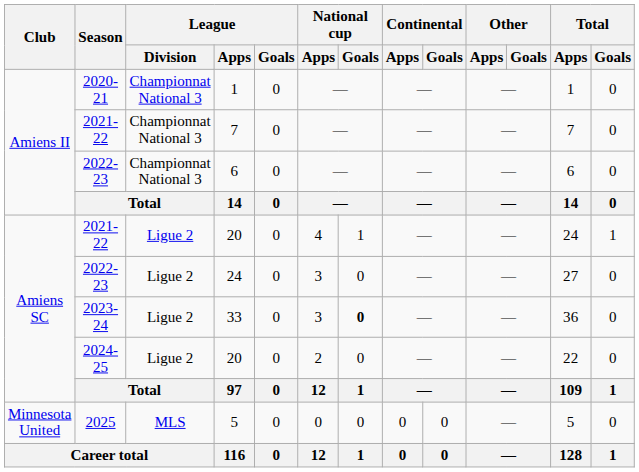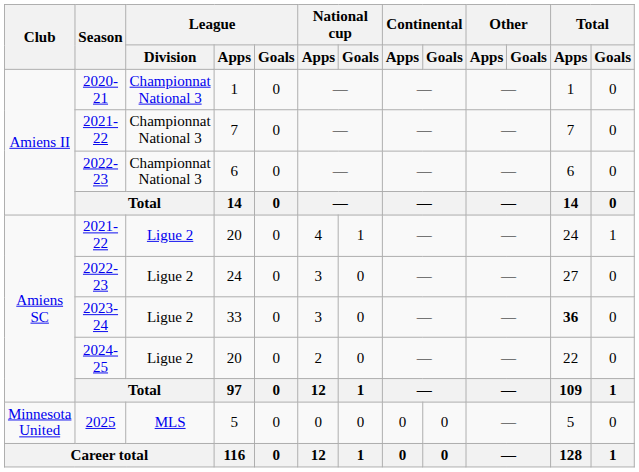 <table class="wikitable" style="text-align: center">
 <tr>
 <th rowspan="2">Club</th>
 <th rowspan="2">Season</th>
 <th colspan="3">League</th>
 <th colspan="2">National cup</th>
 <th colspan="2">Continental</th>
 <th colspan="2">Other</th>
 <th colspan="2">Total</th>
 </tr>
 <tr>
 <th>Division</th>
 <th>Apps</th>
 <th>Goals</th>
 <th>Apps</th>
 <th>Goals</th>
 <th>Apps</th>
 <th>Goals</th>
 <th>Apps</th>
 <th>Goals</th>
 <th>Apps</th>
 <th>Goals</th>
 </tr>
 <tr>
 <td rowspan="4"><a href='#'>Amiens II</a></td>
 <td><a href='#'>2020-21</a></td>
 <td><a href='#'>Championnat National 3</a></td>
 <td>1</td>
 <td>0</td>
 <td colspan="2">—</td>
 <td colspan="2">—</td>
 <td colspan="2">—</td>
 <td>1</td>
 <td>0</td>
 </tr>
 <tr>
 <td><a href='#'>2021-22</a></td>
 <td>Championnat National 3</td>
 <td>7</td>
 <td>0</td>
 <td colspan="2">—</td>
 <td colspan="2">—</td>
 <td colspan="2">—</td>
 <td>7</td>
 <td>0</td>
 </tr>
 <tr>
 <td><a href='#'>2022-23</a></td>
 <td>Championnat National 3</td>
 <td>6</td>
 <td>0</td>
 <td colspan="2">—</td>
 <td colspan="2">—</td>
 <td colspan="2">—</td>
 <td>6</td>
 <td>0</td>
 </tr>
 <tr>
 <th colspan="2">Total</th>
 <th>14</th>
 <th>0</th>
 <th colspan="2">—</th>
 <th colspan="2">—</th>
 <th colspan="2">—</th>
 <th>14</th>
 <th>0</th>
 </tr>
 <tr>
 <td rowspan="5"><a href='#'>Amiens SC</a></td>
 <td><a href='#'>2021-22</a></td>
 <td><a href='#'>Ligue 2</a></td>
 <td>20</td>
 <td>0</td>
 <td>4</td>
 <td>1</td>
 <td colspan="2">—</td>
 <td colspan="2">—</td>
 <td>24</td>
 <td>1</td>
 </tr>
 <tr>
 <td><a href='#'>2022-23</a></td>
 <td>Ligue 2</td>
 <td>24</td>
 <td>0</td>
 <td>3</td>
 <td>0</td>
 <td colspan="2">—</td>
 <td colspan="2">—</td>
 <td>27</td>
 <td>0</td>
 </tr>
 <tr>
 <td><a href='#'>2023-24</a></td>
 <td>Ligue 2</td>
 <td>33</td>
 <td>0</td>
 <td>3</td>
-<td><strong>0</strong></td>
+<td>0</td>
 <td colspan="2">—</td>
 <td colspan="2">—</td>
-<td>36</td>
+<td><strong>36</strong></td>
 <td>0</td>
 </tr>
 <tr>
 <td><a href='#'>2024-25</a></td>
 <td>Ligue 2</td>
 <td>20</td>
 <td>0</td>
 <td>2</td>
 <td>0</td>
 <td colspan="2">—</td>
 <td colspan="2">—</td>
 <td>22</td>
 <td>0</td>
 </tr>
 <tr>
 <th colspan="2">Total</th>
 <th>97</th>
 <th>0</th>
 <th>12</th>
 <th>1</th>
 <th colspan="2">—</th>
 <th colspan="2">—</th>
 <th>109</th>
 <th>1</th>
 </tr>
 <tr>
 <td><a href='#'>Minnesota United</a></td>
 <td><a href='#'>2025</a></td>
 <td><a href='#'>MLS</a></td>
 <td>5</td>
 <td>0</td>
 <td>0</td>
 <td>0</td>
 <td>0</td>
 <td>0</td>
 <td colspan="2">—</td>
 <td>5</td>
 <td>0</td>
 </tr>
 <tr>
 <th colspan="3">Career total</th>
 <th>116</th>
 <th>0</th>
 <th>12</th>
 <th>1</th>
 <th>0</th>
 <th>0</th>
 <th colspan="2">—</th>
 <th>128</th>
 <th>1</th>
 </tr>
 </table>
